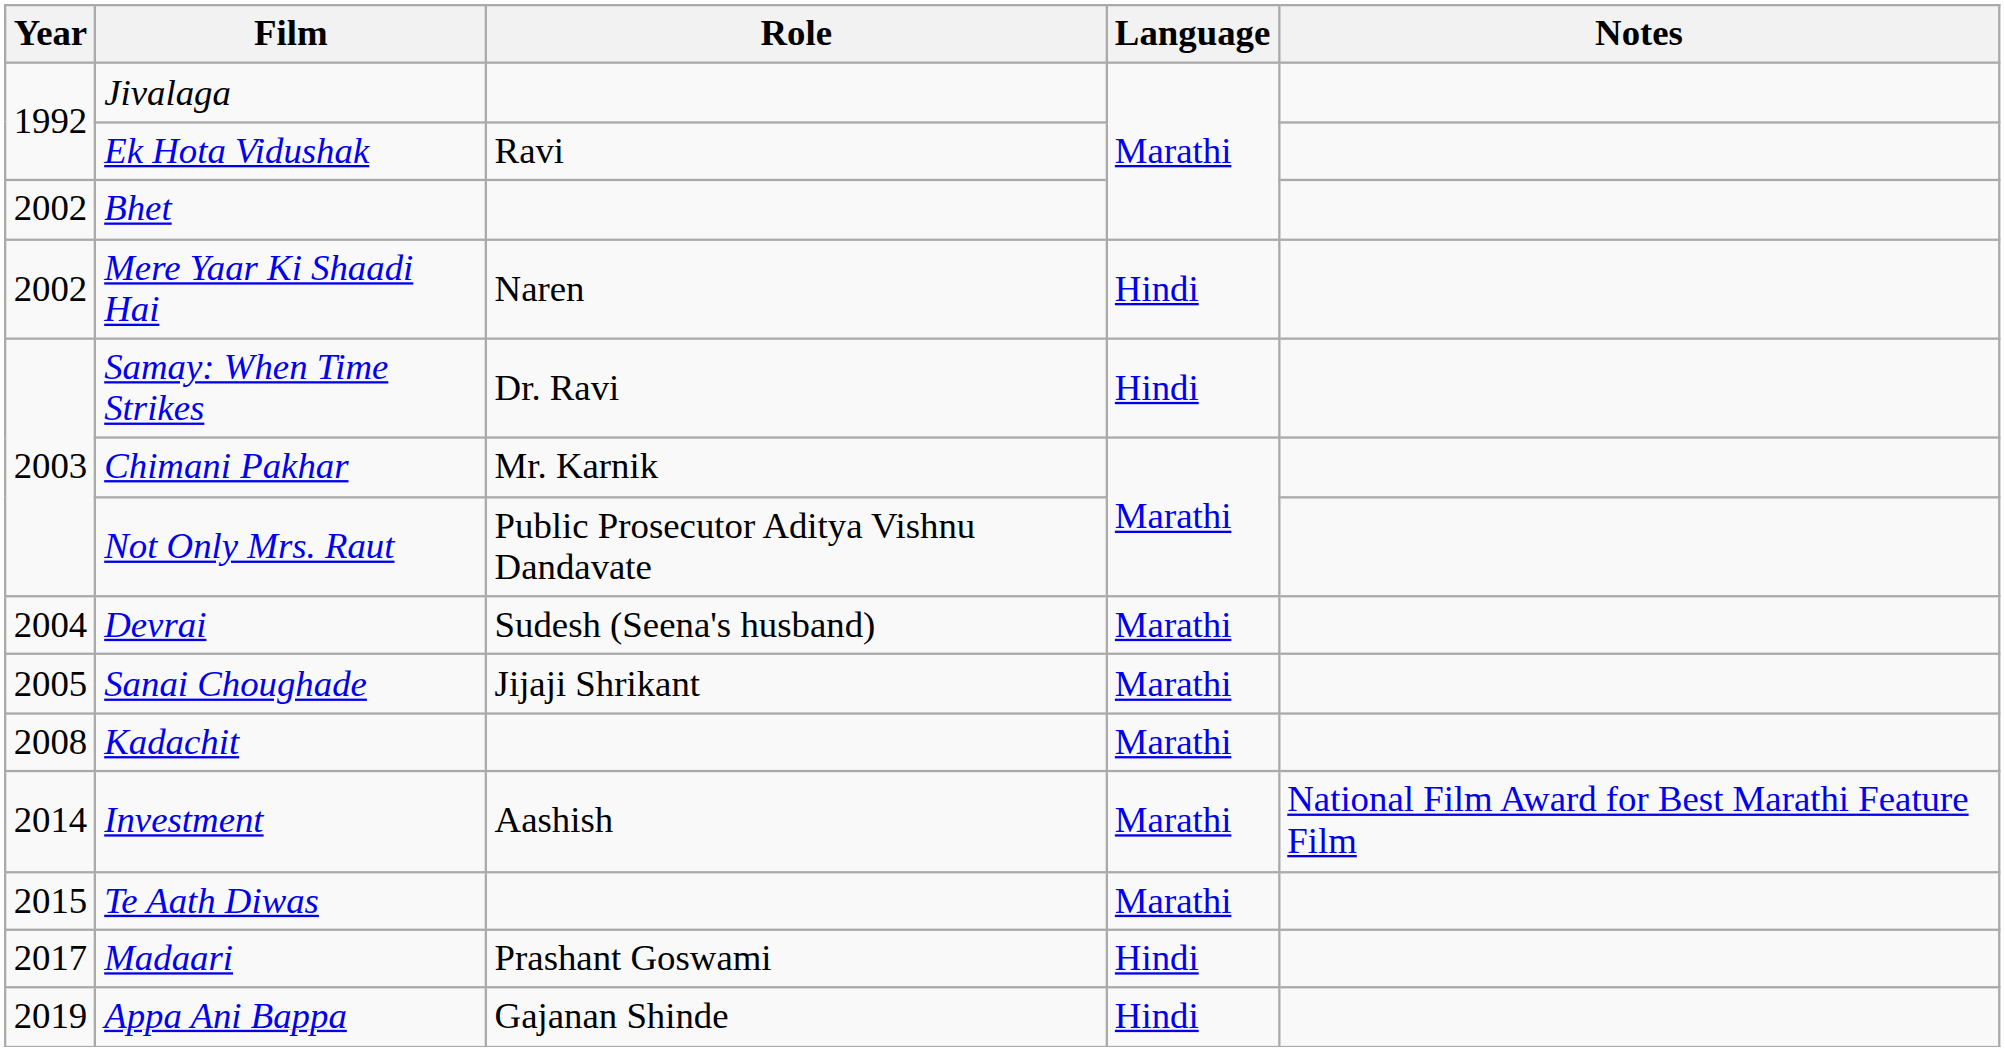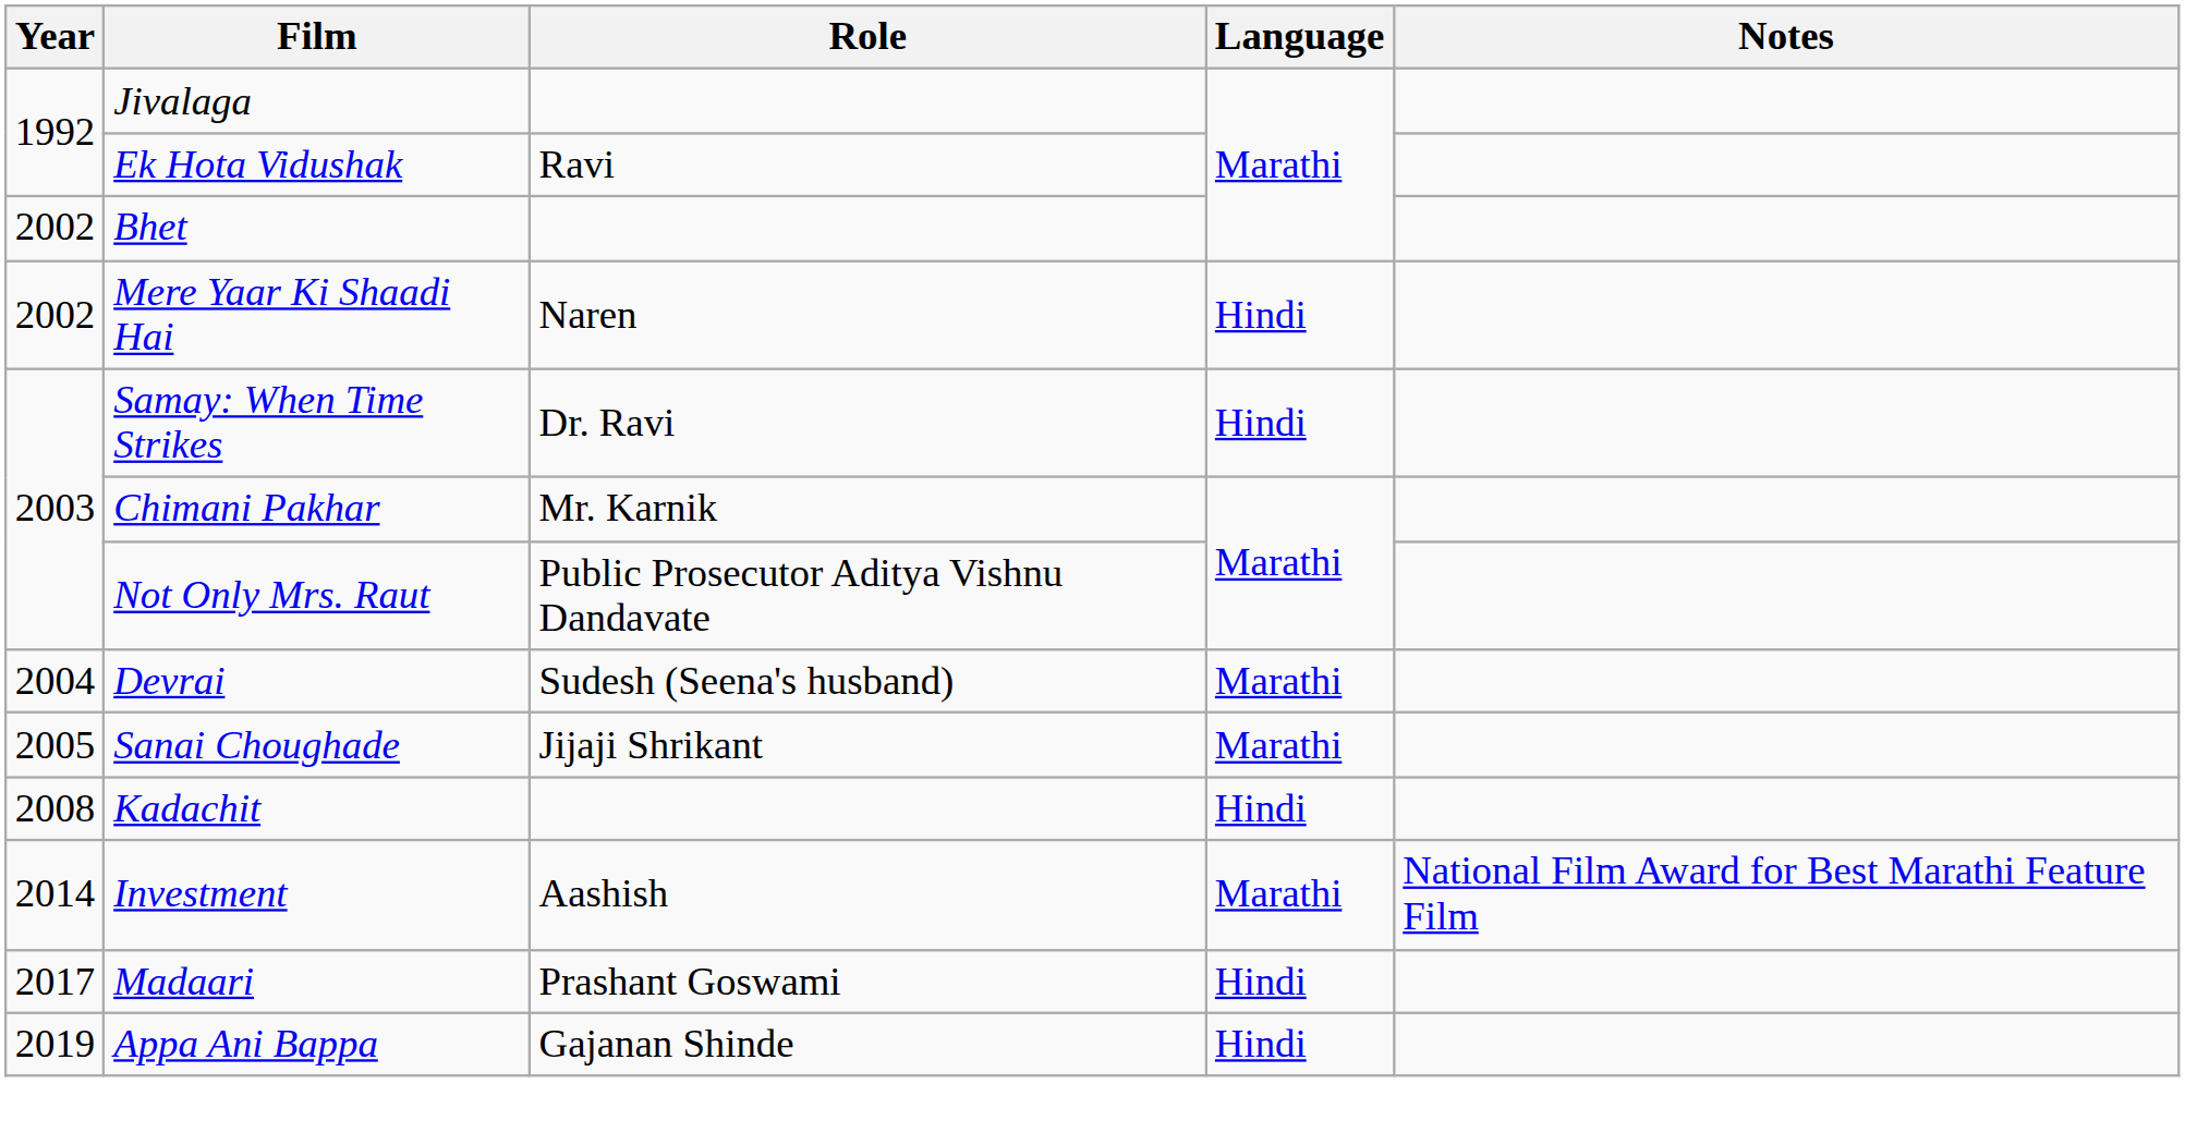 <table class="wikitable sortable'">
 <tr>
 <th>Year</th>
 <th>Film</th>
 <th>Role</th>
 <th>Language</th>
 <th>Notes</th>
 </tr>
 <tr>
 <td Rowspan="2">1992</td>
 <td><em>Jivalaga</em></td>
 <td></td>
 <td Rowspan="3"><a href='#'>Marathi</a></td>
 <td></td>
 </tr>
 <tr>
 <td><em><a href='#'>Ek Hota Vidushak</a></em></td>
 <td>Ravi</td>
 <td></td>
 </tr>
 <tr>
 <td>2002</td>
 <td><em><a href='#'>Bhet</a></em></td>
 <td></td>
 <td></td>
 </tr>
 <tr>
 <td>2002</td>
 <td><em><a href='#'>Mere Yaar Ki Shaadi Hai</a></em></td>
 <td>Naren</td>
 <td><a href='#'>Hindi</a></td>
 <td></td>
 </tr>
 <tr>
 <td rowspan="3">2003</td>
 <td><em><a href='#'>Samay: When Time Strikes</a></em></td>
 <td>Dr. Ravi</td>
 <td><a href='#'>Hindi</a></td>
 <td></td>
 </tr>
 <tr>
 <td><em><a href='#'>Chimani Pakhar</a></em></td>
 <td>Mr. Karnik</td>
 <td rowspan="2"><a href='#'>Marathi</a></td>
 <td></td>
 </tr>
 <tr>
 <td><em><a href='#'>Not Only Mrs. Raut</a></em></td>
 <td>Public Prosecutor Aditya Vishnu Dandavate</td>
 <td></td>
 </tr>
 <tr>
 <td>2004</td>
 <td><em><a href='#'>Devrai</a></em></td>
 <td>Sudesh (Seena's husband)</td>
 <td><a href='#'>Marathi</a></td>
 <td></td>
 </tr>
 <tr>
 <td>2005</td>
 <td><em><a href='#'>Sanai Choughade</a></em></td>
 <td>Jijaji Shrikant</td>
 <td><a href='#'>Marathi</a></td>
 <td></td>
 </tr>
 <tr>
 <td>2008</td>
 <td><em><a href='#'>Kadachit</a></em></td>
 <td></td>
-<td><a href='#'>Marathi</a></td>
+<td><a href='#'>Hindi</a></td>
 <td></td>
 </tr>
 <tr>
 <td>2014</td>
 <td><em><a href='#'>Investment</a></em></td>
 <td>Aashish</td>
 <td><a href='#'>Marathi</a></td>
 <td><a href='#'>National Film Award for Best Marathi Feature Film</a></td>
-</tr>
-<tr>
-<td>2015</td>
-<td><em><a href='#'>Te Aath Diwas</a></em></td>
-<td></td>
-<td><a href='#'>Marathi</a></td>
-<td></td>
 </tr>
 <tr>
 <td>2017</td>
 <td><em><a href='#'>Madaari</a></em></td>
 <td>Prashant Goswami</td>
 <td><a href='#'>Hindi</a></td>
 <td></td>
 </tr>
 <tr>
 <td>2019</td>
 <td><em><a href='#'>Appa Ani Bappa</a></em></td>
 <td>Gajanan Shinde</td>
 <td><a href='#'>Hindi</a></td>
 </tr>
 </table>
